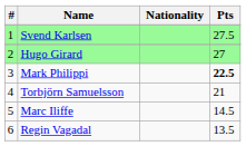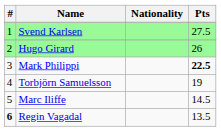 <table class="wikitable" style="display: inline-table; width: 50%;">
 <tr>
 <th>#</th>
 <th>Name</th>
 <th>Nationality</th>
 <th>Pts</th>
 </tr>
 <tr>
 </tr>
 <tr style="background:palegreen;">
 <td>1</td>
 <td><a href='#'>Svend Karlsen</a></td>
 <td></td>
 <td>27.5</td>
 </tr>
 <tr>
 </tr>
 <tr style="background:palegreen;">
 <td>2</td>
 <td><a href='#'>Hugo Girard</a></td>
 <td></td>
-<td>27</td>
+<td>26</td>
 </tr>
 <tr>
 <td>3</td>
 <td><a href='#'>Mark Philippi</a></td>
 <td></td>
 <td><strong>22.5</strong></td>
 </tr>
 <tr>
 <td>4</td>
 <td><a href='#'>Torbjörn Samuelsson</a></td>
 <td></td>
-<td>21</td>
+<td>19</td>
 </tr>
 <tr>
 <td>5</td>
 <td><a href='#'>Marc Iliffe</a></td>
 <td></td>
 <td>14.5</td>
 </tr>
 <tr>
-<td>6</td>
+<td><strong>6</strong></td>
 <td><a href='#'>Regin Vagadal</a></td>
 <td></td>
 <td>13.5</td>
 </tr>
 </table>
